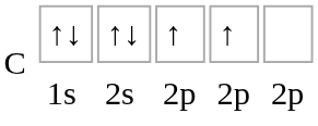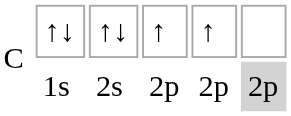 <table cellpadding=4px>
 <tr>
 <td rowspan=2>C</td>
 <td style="border: 1px solid darkgray;">↑↓</td>
 <td style="border: 1px solid darkgray;">↑↓</td>
 <td style="border: 1px solid darkgray;">↑</td>
 <td style="border: 1px solid darkgray;">↑</td>
 <td style="border: 1px solid darkgray;"> </td>
 </tr>
 <tr>
 <td>1s</td>
 <td>2s</td>
 <td>2p</td>
 <td>2p</td>
-<td>2p</td>
+<td style="background: lightgrey;">2p</td>
 </tr>
 </table>
